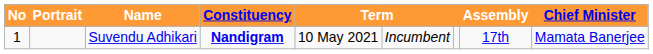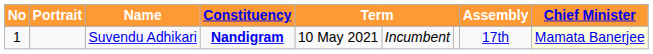 <table class="wikitable">
 <tr>
 <th style="background-color:#FF9933; color:white">No</th>
 <th style="background-color:#FF9933; color:white">Portrait</th>
 <th style="background-color:#FF9933; color:white">Name</th>
 <th style="background-color:#FF9933; color:white"><a href='#'>Constituency</a></th>
 <th colspan="3" style="background-color:#FF9933; color:white">Term</th>
 <th style="background-color:#FF9933; color:white">Assembly</th>
 <th style="background-color:#FF9933; color:white"><a href='#'>Chief Minister</a></th>
 </tr>
 <tr style="text-align:center;">
 <td>1</td>
 <td></td>
 <td><a href='#'>Suvendu Adhikari</a></td>
 <td><strong><a href='#'>Nandigram</a></strong></td>
 <td>10 May 2021</td>
 <td><em>Incumbent</em></td>
 <td></td>
 <td><a href='#'>17th</a></td>
-<td><a href='#'>Mamata Banerjee</a></td>
+<td style="background: lightyellow;"><a href='#'>Mamata Banerjee</a></td>
 </tr>
 </table>
